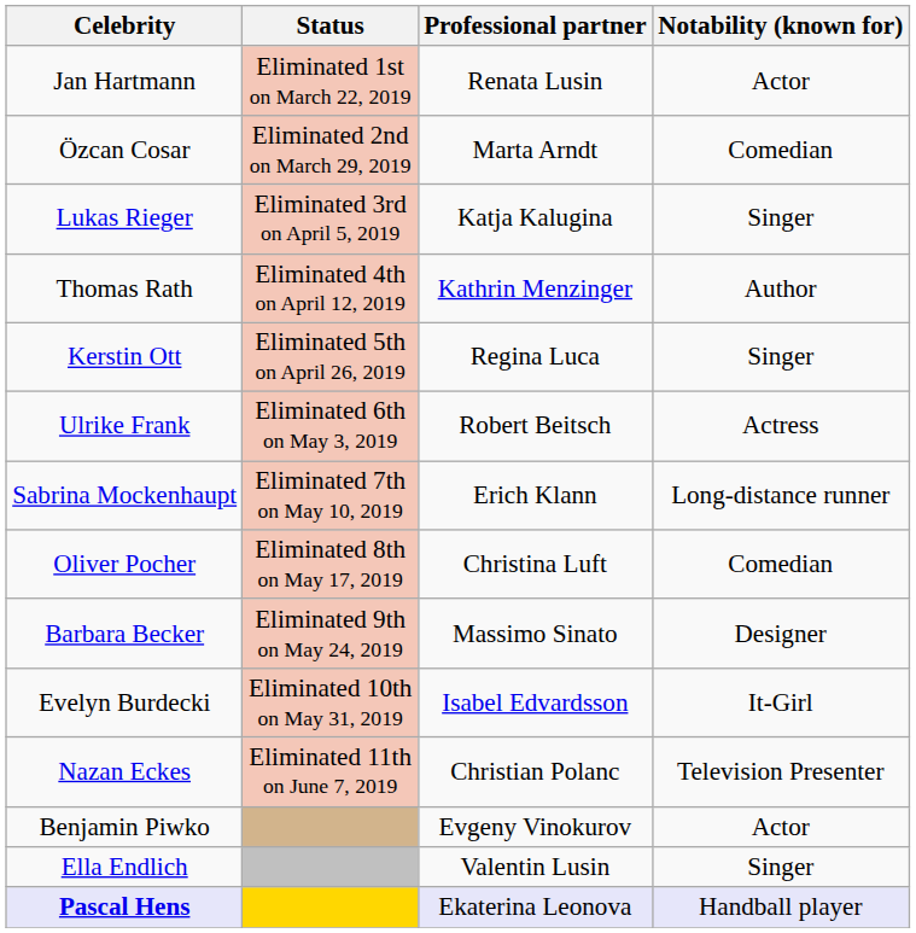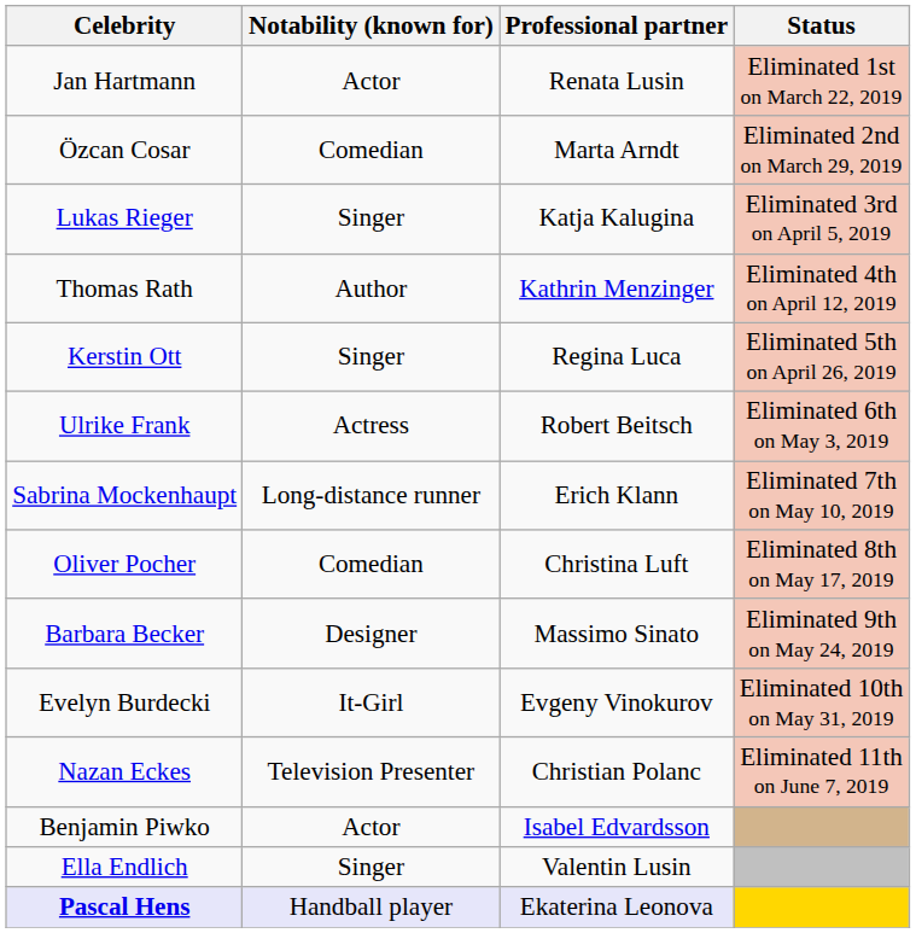 <table class= "wikitable sortable" style="text-align: center; margin:auto; align: center">
 <tr>
 <th>Celebrity</th>
+<th>Notability (known for)</th>
+<th>Professional partner</th>
 <th>Status</th>
-<th>Professional partner</th>
-<th>Notability (known for)</th>
 </tr>
 <tr>
 <td>Jan Hartmann</td>
+<td>Actor</td>
+<td>Renata Lusin</td>
 <td bgcolor="#F4C7B8">Eliminated 1st<br><small>on March 22, 2019</small></td>
-<td>Renata Lusin</td>
-<td>Actor</td>
 </tr>
 <tr>
 <td>Özcan Cosar</td>
+<td>Comedian</td>
+<td>Marta Arndt</td>
 <td bgcolor="#F4C7B8">Eliminated 2nd<br><small>on March 29, 2019</small></td>
-<td>Marta Arndt</td>
-<td>Comedian</td>
 </tr>
 <tr>
 <td><a href='#'>Lukas Rieger</a></td>
+<td>Singer</td>
+<td>Katja Kalugina</td>
 <td bgcolor="#F4C7B8">Eliminated 3rd<br><small>on April 5, 2019</small></td>
-<td>Katja Kalugina</td>
-<td>Singer</td>
 </tr>
 <tr>
 <td>Thomas Rath</td>
+<td>Author</td>
+<td><a href='#'>Kathrin Menzinger</a></td>
 <td bgcolor="#F4C7B8">Eliminated 4th<br><small>on April 12, 2019</small></td>
-<td><a href='#'>Kathrin Menzinger</a></td>
-<td>Author</td>
 </tr>
 <tr>
 <td><a href='#'>Kerstin Ott</a></td>
+<td>Singer</td>
+<td>Regina Luca</td>
 <td bgcolor="#F4C7B8">Eliminated 5th<br><small>on April 26, 2019</small></td>
-<td>Regina Luca</td>
-<td>Singer</td>
 </tr>
 <tr>
 <td><a href='#'>Ulrike Frank</a></td>
+<td>Actress</td>
+<td>Robert Beitsch</td>
 <td bgcolor="#F4C7B8">Eliminated 6th<br><small>on May 3, 2019</small></td>
-<td>Robert Beitsch</td>
-<td>Actress</td>
 </tr>
 <tr>
 <td><a href='#'>Sabrina Mockenhaupt</a></td>
+<td>Long-distance runner</td>
+<td>Erich Klann</td>
 <td bgcolor="#F4C7B8">Eliminated 7th<br><small>on May 10, 2019</small></td>
-<td>Erich Klann</td>
-<td>Long-distance runner</td>
 </tr>
 <tr>
 <td><a href='#'>Oliver Pocher</a></td>
+<td>Comedian</td>
+<td>Christina Luft</td>
 <td bgcolor="#F4C7B8">Eliminated 8th<br><small>on May 17, 2019</small></td>
-<td>Christina Luft</td>
-<td>Comedian</td>
 </tr>
 <tr>
 <td><a href='#'>Barbara Becker</a></td>
+<td>Designer</td>
+<td>Massimo Sinato</td>
 <td bgcolor="#F4C7B8">Eliminated 9th<br><small>on May 24, 2019</small></td>
-<td>Massimo Sinato</td>
-<td>Designer</td>
 </tr>
 <tr>
 <td>Evelyn Burdecki</td>
+<td>It-Girl</td>
+<td>Evgeny Vinokurov</td>
 <td bgcolor="#F4C7B8">Eliminated 10th<br><small>on May 31, 2019</small></td>
-<td><a href='#'>Isabel Edvardsson</a></td>
-<td>It-Girl</td>
 </tr>
 <tr>
 <td><a href='#'>Nazan Eckes</a></td>
+<td>Television Presenter</td>
+<td>Christian Polanc</td>
 <td bgcolor="#F4C7B8">Eliminated 11th<br><small>on June 7, 2019</small></td>
-<td>Christian Polanc</td>
-<td>Television Presenter</td>
 </tr>
 <tr>
 <td>Benjamin Piwko</td>
+<td>Actor</td>
+<td><a href='#'>Isabel Edvardsson</a></td>
 <td bgcolor="tan"></td>
-<td>Evgeny Vinokurov</td>
-<td>Actor</td>
 </tr>
 <tr>
 <td><a href='#'>Ella Endlich</a></td>
+<td>Singer</td>
+<td>Valentin Lusin</td>
 <td bgcolor="silver"></td>
-<td>Valentin Lusin</td>
-<td>Singer</td>
 </tr>
 <tr bgcolor="lavender">
 <td><strong><a href='#'>Pascal Hens</a></strong></td>
+<td>Handball player</td>
+<td>Ekaterina Leonova</td>
 <td bgcolor="gold"></td>
-<td>Ekaterina Leonova</td>
-<td>Handball player</td>
 </tr>
 </table>
